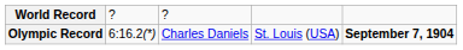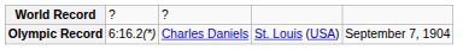 <table class="wikitable">
 <tr>
 <th>World Record</th>
 <td>?</td>
 <td>?</td>
 <td></td>
 <td></td>
 </tr>
 <tr>
 <th>Olympic Record</th>
 <td>6:16.2<em>(*)</em></td>
 <td> <a href='#'>Charles Daniels</a></td>
 <td><a href='#'>St. Louis</a> (<a href='#'>USA</a>)</td>
-<td><strong>September 7, 1904</strong></td>
+<td>September 7, 1904</td>
 </tr>
 </table>
